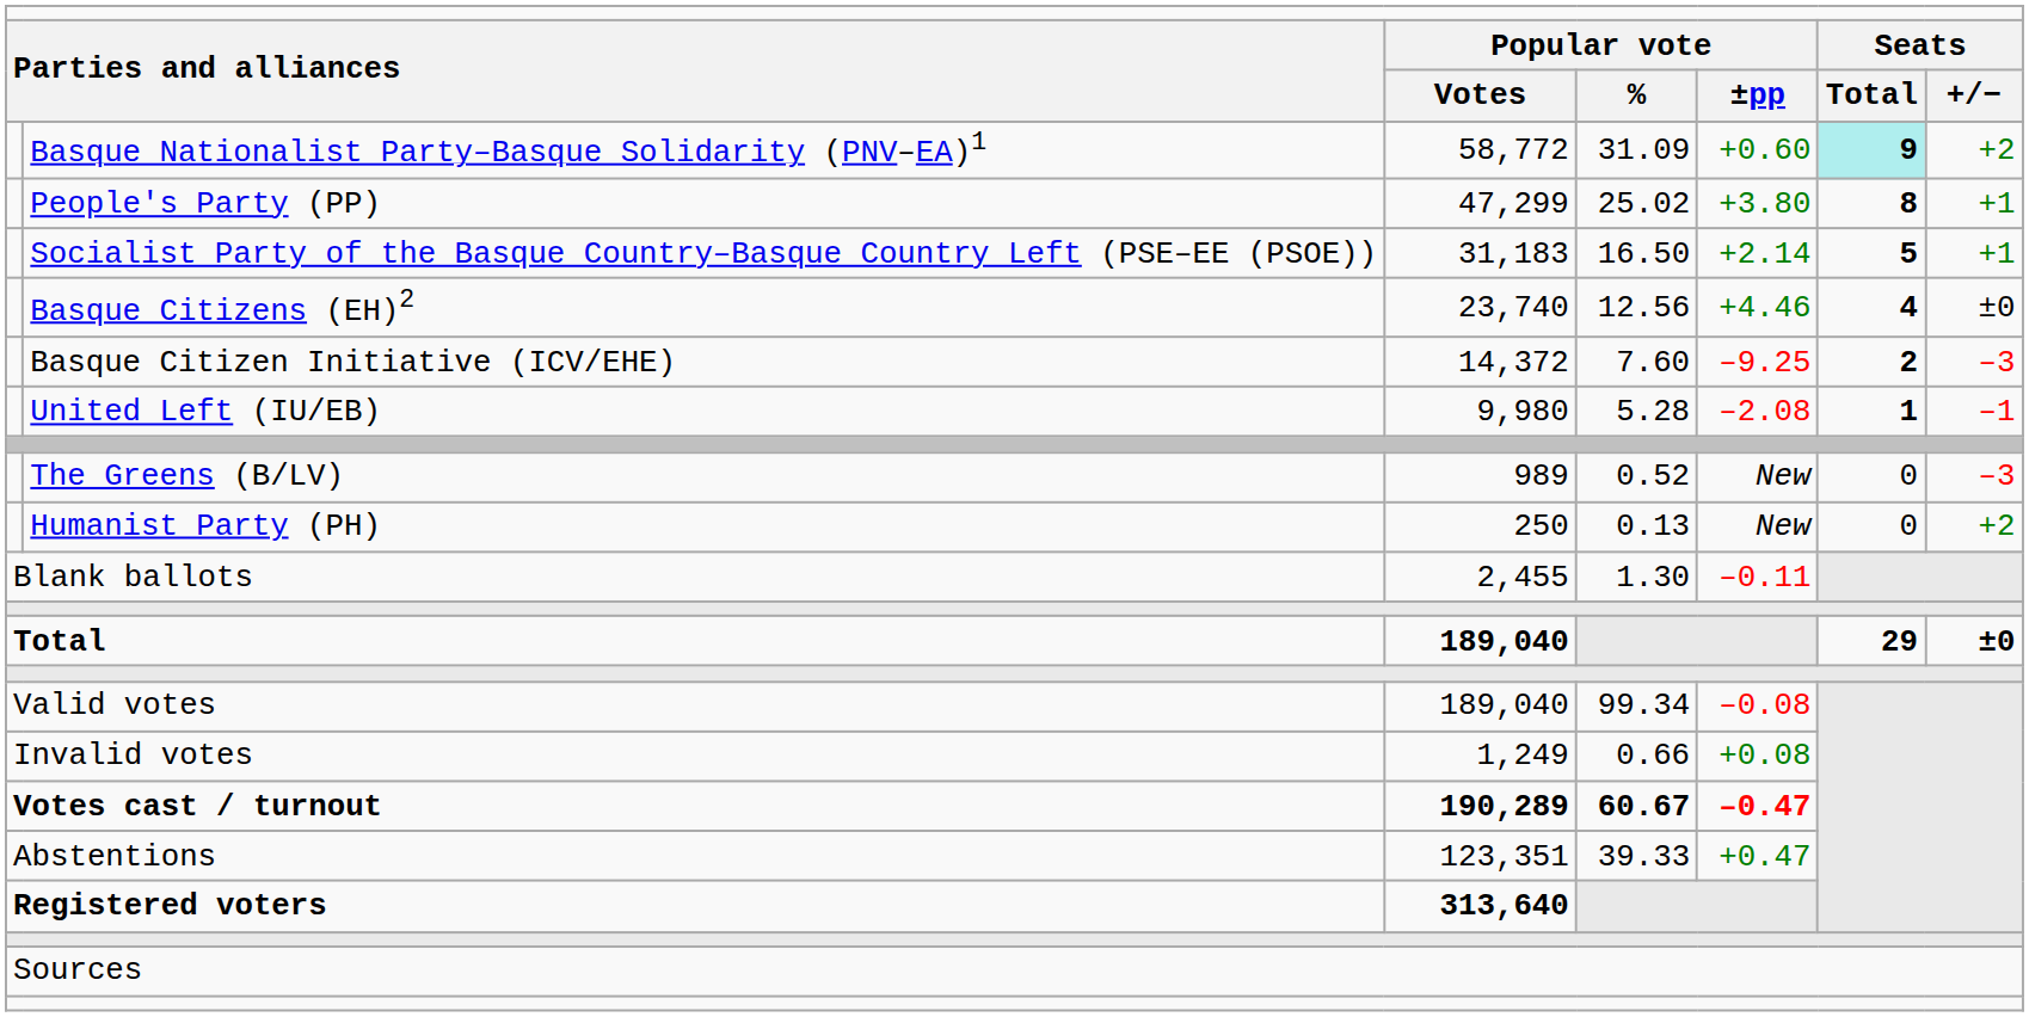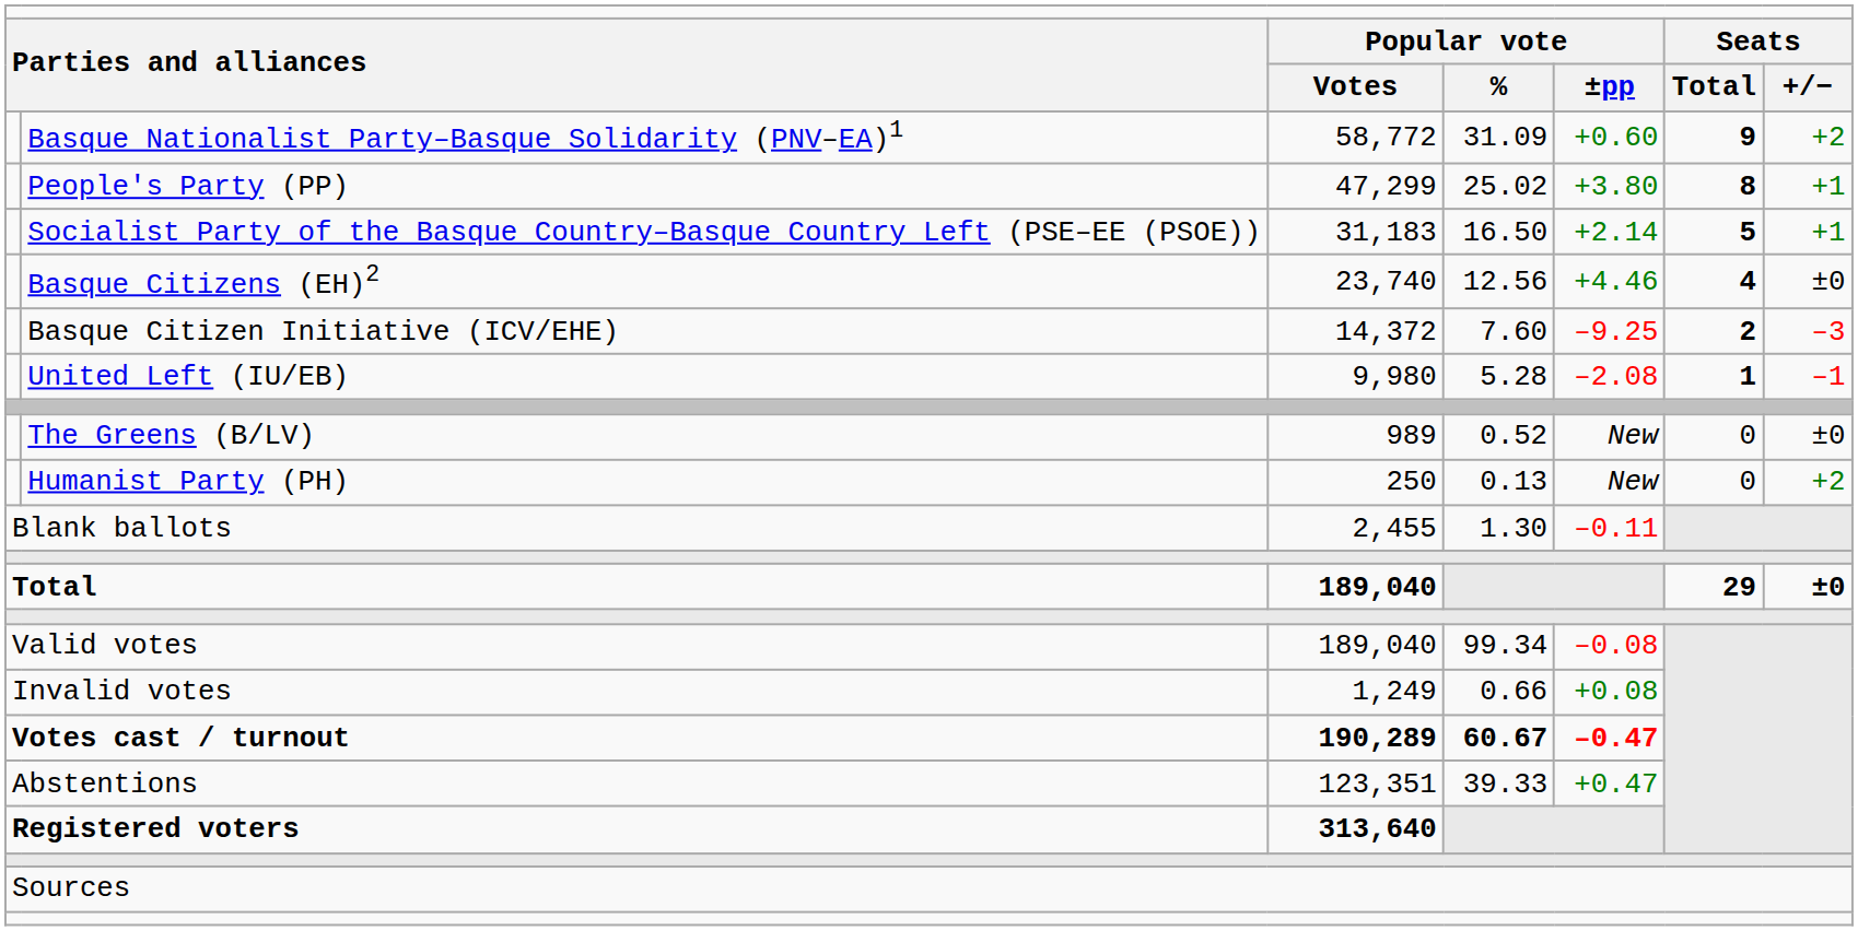 <table class="wikitable" style="text-align:right;">
 <tr>
 <td colspan="7"></td>
 </tr>
 <tr>
 <th style="text-align:left;" rowspan="2" colspan="2" width="525">Parties and alliances</th>
 <th colspan="3">Popular vote</th>
 <th colspan="2">Seats</th>
 </tr>
 <tr>
 <th width="75">Votes</th>
 <th width="45">%</th>
 <th width="45">±<a href='#'>pp</a></th>
 <th width="35">Total</th>
 <th width="35">+/−</th>
 </tr>
 <tr>
 <td width="1" style="color:inherit;background:"></td>
 <td align="left"><a href='#'>Basque Nationalist Party–Basque Solidarity</a> (<a href='#'>PNV</a>–<a href='#'>EA</a>)<sup>1</sup></td>
 <td>58,772</td>
 <td>31.09</td>
 <td style="color:green;">+0.60</td>
-<td style="background: paleturquoise;"><strong>9</strong></td>
+<td><strong>9</strong></td>
 <td style="color:green;">+2</td>
 </tr>
 <tr>
 <td style="color:inherit;background:"></td>
 <td align="left"><a href='#'>People's Party</a> (PP)</td>
 <td>47,299</td>
 <td>25.02</td>
 <td style="color:green;">+3.80</td>
 <td><strong>8</strong></td>
 <td style="color:green;">+1</td>
 </tr>
 <tr>
 <td style="color:inherit;background:"></td>
 <td align="left"><a href='#'>Socialist Party of the Basque Country–Basque Country Left</a> (PSE–EE (PSOE))</td>
 <td>31,183</td>
 <td>16.50</td>
 <td style="color:green;">+2.14</td>
 <td><strong>5</strong></td>
 <td style="color:green;">+1</td>
 </tr>
 <tr>
 <td style="color:inherit;background:"></td>
 <td align="left"><a href='#'>Basque Citizens</a> (EH)<sup>2</sup></td>
 <td>23,740</td>
 <td>12.56</td>
 <td style="color:green;">+4.46</td>
 <td><strong>4</strong></td>
 <td>±0</td>
 </tr>
 <tr>
 <td style="color:inherit;background:"></td>
 <td align="left">Basque Citizen Initiative (ICV/EHE)</td>
 <td>14,372</td>
 <td>7.60</td>
 <td style="color:red;">–9.25</td>
 <td><strong>2</strong></td>
 <td style="color:red;">–3</td>
 </tr>
 <tr>
 <td style="color:inherit;background:"></td>
 <td align="left"><a href='#'>United Left</a> (IU/EB)</td>
 <td>9,980</td>
 <td>5.28</td>
 <td style="color:red;">–2.08</td>
 <td><strong>1</strong></td>
 <td style="color:red;">–1</td>
 </tr>
 <tr>
 <td colspan="7" style="color:inherit;background:#C0C0C0"></td>
 </tr>
 <tr>
 <td style="color:inherit;background:"></td>
 <td align="left"><a href='#'>The Greens</a> (B/LV)</td>
 <td>989</td>
 <td>0.52</td>
 <td><em>New</em></td>
 <td>0</td>
-<td style="color:red;">–3</td>
+<td>±0</td>
 </tr>
 <tr>
 <td style="color:inherit;background:"></td>
 <td align="left"><a href='#'>Humanist Party</a> (PH)</td>
 <td>250</td>
 <td>0.13</td>
 <td><em>New</em></td>
 <td>0</td>
 <td style="color:green;">+2</td>
 </tr>
 <tr>
 <td align="left" colspan="2">Blank ballots</td>
 <td>2,455</td>
 <td>1.30</td>
 <td style="color:red;">–0.11</td>
 <td style="color:inherit;background:#E9E9E9" colspan="2"></td>
 </tr>
 <tr>
 <td colspan="7" style="color:inherit;background:#E9E9E9"></td>
 </tr>
 <tr style="font-weight:bold;">
 <td align="left" colspan="2">Total</td>
 <td>189,040</td>
 <td bgcolor="#E9E9E9" colspan="2"></td>
 <td>29</td>
 <td>±0</td>
 </tr>
 <tr>
 <td colspan="7" style="color:inherit;background:#E9E9E9"></td>
 </tr>
 <tr>
 <td align="left" colspan="2">Valid votes</td>
 <td>189,040</td>
 <td>99.34</td>
 <td style="color:red;">–0.08</td>
 <td bgcolor="#E9E9E9" colspan="2" rowspan="5"></td>
 </tr>
 <tr>
 <td align="left" colspan="2">Invalid votes</td>
 <td>1,249</td>
 <td>0.66</td>
 <td style="color:green;">+0.08</td>
 </tr>
 <tr style="font-weight:bold;">
 <td align="left" colspan="2">Votes cast / turnout</td>
 <td>190,289</td>
 <td>60.67</td>
 <td style="color:red;">–0.47</td>
 </tr>
 <tr>
 <td align="left" colspan="2">Abstentions</td>
 <td>123,351</td>
 <td>39.33</td>
 <td style="color:green;">+0.47</td>
 </tr>
 <tr style="font-weight:bold;">
 <td align="left" colspan="2">Registered voters</td>
 <td>313,640</td>
 <td bgcolor="#E9E9E9" colspan="2"></td>
 </tr>
 <tr>
 <td colspan="7" style="color:inherit;background:#E9E9E9"></td>
 </tr>
 <tr>
 <td align="left" colspan="7">Sources</td>
 </tr>
 <tr>
 <td colspan="7" style="text-align:left; max-width:790px;"></td>
 </tr>
 </table>
